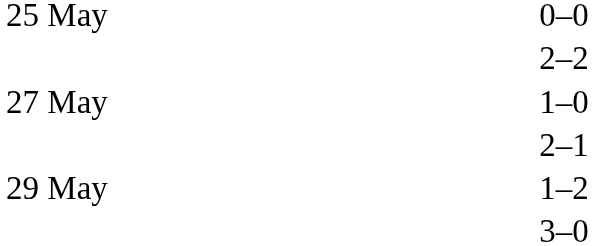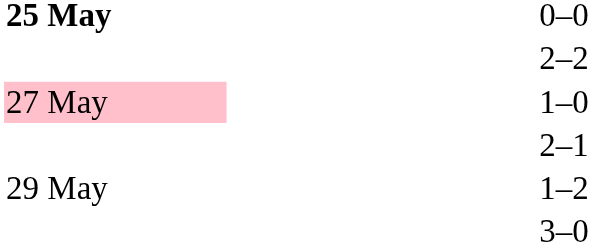 <table cellspacing=1 width=70%>
 <tr>
 <th width=25%></th>
 <th width=30%></th>
 <th width=15%></th>
 <th width=30%></th>
 </tr>
 <tr>
-<td>25 May</td>
+<td><strong>25 May</strong></td>
 <td align=right></td>
 <td align=center>0–0</td>
 <td></td>
 </tr>
 <tr>
 <td></td>
 <td align=right></td>
 <td align=center>2–2</td>
 <td></td>
 </tr>
 <tr>
-<td>27 May</td>
+<td style="background: pink;">27 May</td>
 <td align=right></td>
 <td align=center>1–0</td>
 <td></td>
 </tr>
 <tr>
 <td></td>
 <td align=right></td>
 <td align=center>2–1</td>
 <td></td>
 </tr>
 <tr>
 <td>29 May</td>
 <td align=right></td>
 <td align=center>1–2</td>
 <td></td>
 </tr>
 <tr>
 <td></td>
 <td align=right></td>
 <td align=center>3–0</td>
 <td></td>
 </tr>
 </table>
